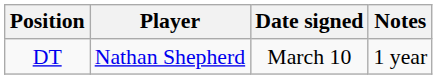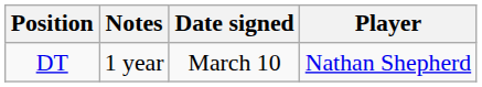 <table class="wikitable" style="text-align:center">
 <tr>
 <th>Position</th>
+<th>Notes</th>
+<th>Date signed</th>
 <th>Player</th>
-<th>Date signed</th>
-<th>Notes</th>
 </tr>
 <tr>
 <td><a href='#'>DT</a></td>
+<td>1 year</td>
+<td>March 10</td>
 <td><a href='#'>Nathan Shepherd</a></td>
-<td>March 10</td>
-<td>1 year</td>
 </tr>
 </table>
